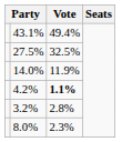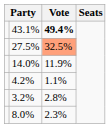 <table class="wikitable">
 <tr>
 <th colspan=2>Party</th>
 <th>Vote</th>
 <th>Seats</th>
 </tr>
 <tr>
 <td></td>
 <td>43.1%</td>
-<td>49.4%</td>
+<td><strong>49.4%</strong></td>
 </tr>
 <tr>
 <td></td>
 <td>27.5%</td>
-<td>32.5%</td>
+<td style="background: lightsalmon;">32.5%</td>
 </tr>
 <tr>
 <td></td>
 <td>14.0%</td>
 <td>11.9%</td>
 </tr>
 <tr>
 <td></td>
 <td>4.2%</td>
-<td><strong>1.1%</strong></td>
+<td>1.1%</td>
 </tr>
 <tr>
 <td></td>
 <td>3.2%</td>
 <td>2.8%</td>
 </tr>
 <tr>
 <td></td>
 <td>8.0%</td>
 <td>2.3%</td>
 </tr>
 </table>
